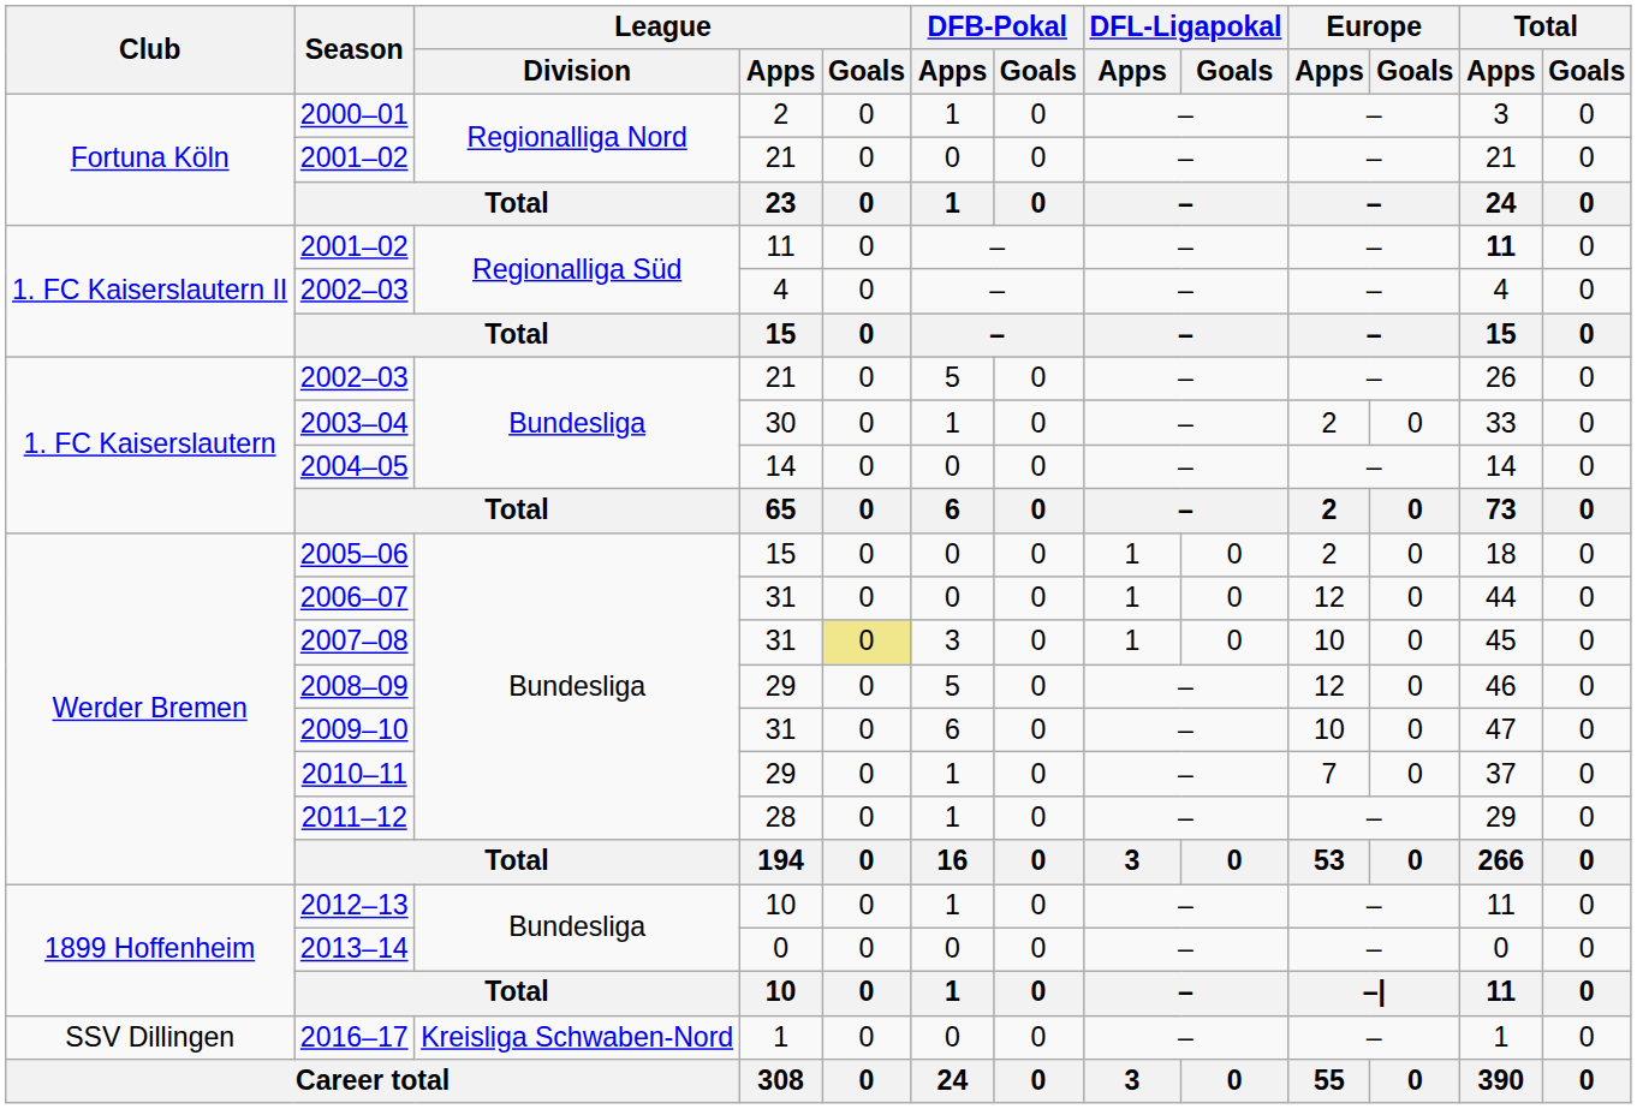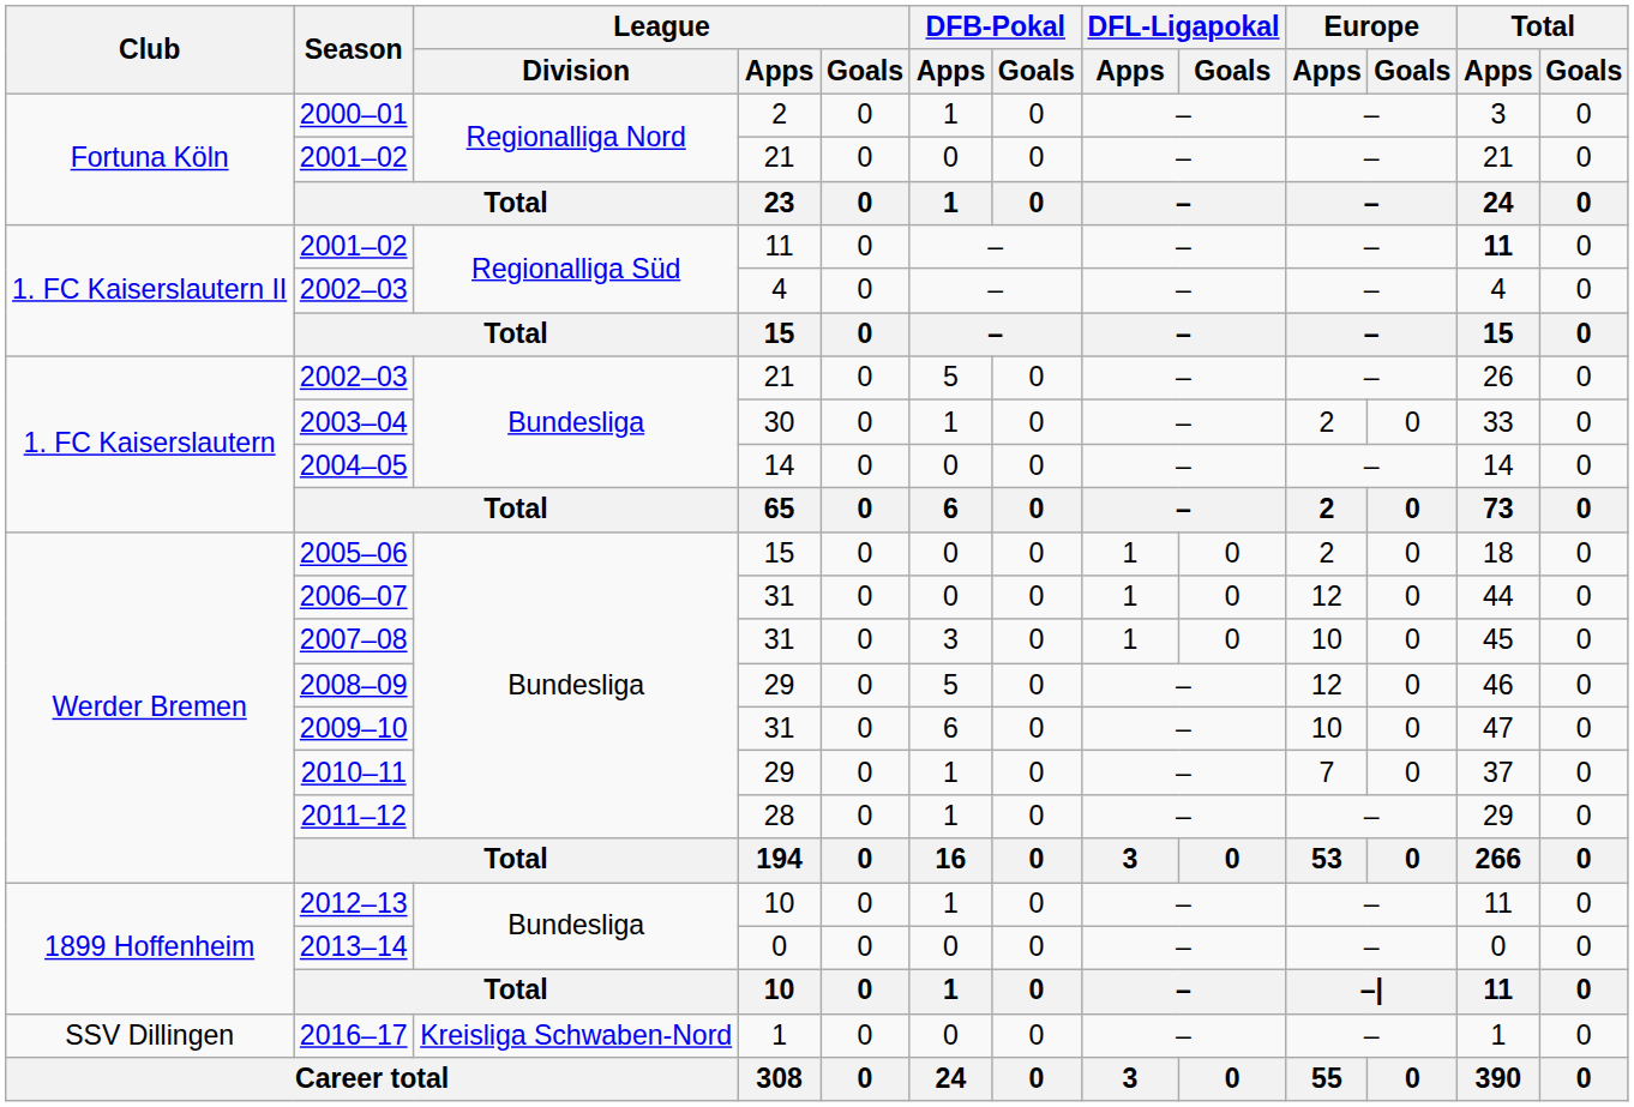 <table class="wikitable" style="text-align:center">
 <tr>
 <th rowspan="2">Club</th>
 <th rowspan="2">Season</th>
 <th colspan="3">League</th>
 <th colspan="2"><a href='#'>DFB-Pokal</a></th>
 <th colspan="2"><a href='#'>DFL-Ligapokal</a></th>
 <th colspan="2">Europe</th>
 <th colspan="2">Total</th>
 </tr>
 <tr>
 <th>Division</th>
 <th>Apps</th>
 <th>Goals</th>
 <th>Apps</th>
 <th>Goals</th>
 <th>Apps</th>
 <th>Goals</th>
 <th>Apps</th>
 <th>Goals</th>
 <th>Apps</th>
 <th>Goals</th>
 </tr>
 <tr>
 <td rowspan="3"><a href='#'>Fortuna Köln</a></td>
 <td><a href='#'>2000–01</a></td>
 <td rowspan="2"><a href='#'>Regionalliga Nord</a></td>
 <td>2</td>
 <td>0</td>
 <td>1</td>
 <td>0</td>
 <td colspan="2">–</td>
 <td colspan="2">–</td>
 <td>3</td>
 <td>0</td>
 </tr>
 <tr>
 <td><a href='#'>2001–02</a></td>
 <td>21</td>
 <td>0</td>
 <td>0</td>
 <td>0</td>
 <td colspan="2">–</td>
 <td colspan="2">–</td>
 <td>21</td>
 <td>0</td>
 </tr>
 <tr>
 <th colspan="2">Total</th>
 <th>23</th>
 <th>0</th>
 <th>1</th>
 <th>0</th>
 <th colspan="2">–</th>
 <th colspan="2">–</th>
 <th>24</th>
 <th>0</th>
 </tr>
 <tr>
 <td rowspan="3"><a href='#'>1. FC Kaiserslautern II</a></td>
 <td><a href='#'>2001–02</a></td>
 <td rowspan="2"><a href='#'>Regionalliga Süd</a></td>
 <td>11</td>
 <td>0</td>
 <td colspan="2">–</td>
 <td colspan="2">–</td>
 <td colspan="2">–</td>
 <td><strong>11</strong></td>
 <td>0</td>
 </tr>
 <tr>
 <td><a href='#'>2002–03</a></td>
 <td>4</td>
 <td>0</td>
 <td colspan="2">–</td>
 <td colspan="2">–</td>
 <td colspan="2">–</td>
 <td>4</td>
 <td>0</td>
 </tr>
 <tr>
 <th colspan="2">Total</th>
 <th>15</th>
 <th>0</th>
 <th colspan="2">–</th>
 <th colspan="2">–</th>
 <th colspan="2">–</th>
 <th>15</th>
 <th>0</th>
 </tr>
 <tr>
 <td rowspan="4"><a href='#'>1. FC Kaiserslautern</a></td>
 <td><a href='#'>2002–03</a></td>
 <td rowspan="3"><a href='#'>Bundesliga</a></td>
 <td>21</td>
 <td>0</td>
 <td>5</td>
 <td>0</td>
 <td colspan="2">–</td>
 <td colspan="2">–</td>
 <td>26</td>
 <td>0</td>
 </tr>
 <tr>
 <td><a href='#'>2003–04</a></td>
 <td>30</td>
 <td>0</td>
 <td>1</td>
 <td>0</td>
 <td colspan="2">–</td>
 <td>2</td>
 <td>0</td>
 <td>33</td>
 <td>0</td>
 </tr>
 <tr>
 <td><a href='#'>2004–05</a></td>
 <td>14</td>
 <td>0</td>
 <td>0</td>
 <td>0</td>
 <td colspan="2">–</td>
 <td colspan="2">–</td>
 <td>14</td>
 <td>0</td>
 </tr>
 <tr>
 <th colspan="2">Total</th>
 <th>65</th>
 <th>0</th>
 <th>6</th>
 <th>0</th>
 <th colspan="2">–</th>
 <th>2</th>
 <th>0</th>
 <th>73</th>
 <th>0</th>
 </tr>
 <tr>
 <td rowspan="8"><a href='#'>Werder Bremen</a></td>
 <td><a href='#'>2005–06</a></td>
 <td rowspan="7">Bundesliga</td>
 <td>15</td>
 <td>0</td>
 <td>0</td>
 <td>0</td>
 <td>1</td>
 <td>0</td>
 <td>2</td>
 <td>0</td>
 <td>18</td>
 <td>0</td>
 </tr>
 <tr>
 <td><a href='#'>2006–07</a></td>
 <td>31</td>
 <td>0</td>
 <td>0</td>
 <td>0</td>
 <td>1</td>
 <td>0</td>
 <td>12</td>
 <td>0</td>
 <td>44</td>
 <td>0</td>
 </tr>
 <tr>
 <td><a href='#'>2007–08</a></td>
 <td>31</td>
-<td style="background: khaki;">0</td>
+<td>0</td>
 <td>3</td>
 <td>0</td>
 <td>1</td>
 <td>0</td>
 <td>10</td>
 <td>0</td>
 <td>45</td>
 <td>0</td>
 </tr>
 <tr>
 <td><a href='#'>2008–09</a></td>
 <td>29</td>
 <td>0</td>
 <td>5</td>
 <td>0</td>
 <td colspan="2">–</td>
 <td>12</td>
 <td>0</td>
 <td>46</td>
 <td>0</td>
 </tr>
 <tr>
 <td><a href='#'>2009–10</a></td>
 <td>31</td>
 <td>0</td>
 <td>6</td>
 <td>0</td>
 <td colspan="2">–</td>
 <td>10</td>
 <td>0</td>
 <td>47</td>
 <td>0</td>
 </tr>
 <tr>
 <td><a href='#'>2010–11</a></td>
 <td>29</td>
 <td>0</td>
 <td>1</td>
 <td>0</td>
 <td colspan="2">–</td>
 <td>7</td>
 <td>0</td>
 <td>37</td>
 <td>0</td>
 </tr>
 <tr>
 <td><a href='#'>2011–12</a></td>
 <td>28</td>
 <td>0</td>
 <td>1</td>
 <td>0</td>
 <td colspan="2">–</td>
 <td colspan="2">–</td>
 <td>29</td>
 <td>0</td>
 </tr>
 <tr>
 <th colspan="2">Total</th>
 <th>194</th>
 <th>0</th>
 <th>16</th>
 <th>0</th>
 <th>3</th>
 <th>0</th>
 <th>53</th>
 <th>0</th>
 <th>266</th>
 <th>0</th>
 </tr>
 <tr>
 <td rowspan="3"><a href='#'>1899 Hoffenheim</a></td>
 <td><a href='#'>2012–13</a></td>
 <td rowspan="2">Bundesliga</td>
 <td>10</td>
 <td>0</td>
 <td>1</td>
 <td>0</td>
 <td colspan="2">–</td>
 <td colspan="2">–</td>
 <td>11</td>
 <td>0</td>
 </tr>
 <tr>
 <td><a href='#'>2013–14</a></td>
 <td>0</td>
 <td>0</td>
 <td>0</td>
 <td>0</td>
 <td colspan="2">–</td>
 <td colspan="2">–</td>
 <td>0</td>
 <td>0</td>
 </tr>
 <tr>
 <th colspan="2">Total</th>
 <th>10</th>
 <th>0</th>
 <th>1</th>
 <th>0</th>
 <th colspan="2">–</th>
 <th colspan="2">–|</th>
 <th>11</th>
 <th>0</th>
 </tr>
 <tr>
 <td>SSV Dillingen</td>
 <td><a href='#'>2016–17</a></td>
 <td><a href='#'>Kreisliga Schwaben-Nord</a></td>
 <td>1</td>
 <td>0</td>
 <td>0</td>
 <td>0</td>
 <td colspan="2">–</td>
 <td colspan="2">–</td>
 <td>1</td>
 <td>0</td>
 </tr>
 <tr>
 <th colspan="3">Career total</th>
 <th>308</th>
 <th>0</th>
 <th>24</th>
 <th>0</th>
 <th>3</th>
 <th>0</th>
 <th>55</th>
 <th>0</th>
 <th>390</th>
 <th>0</th>
 </tr>
 </table>
